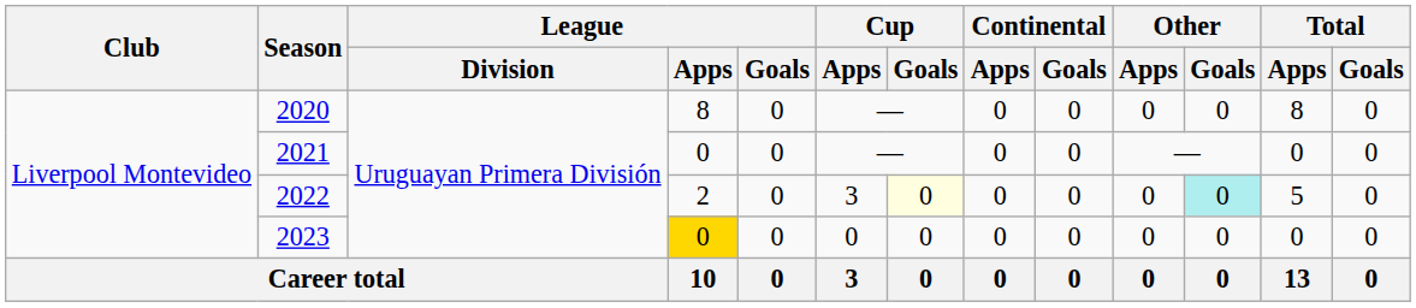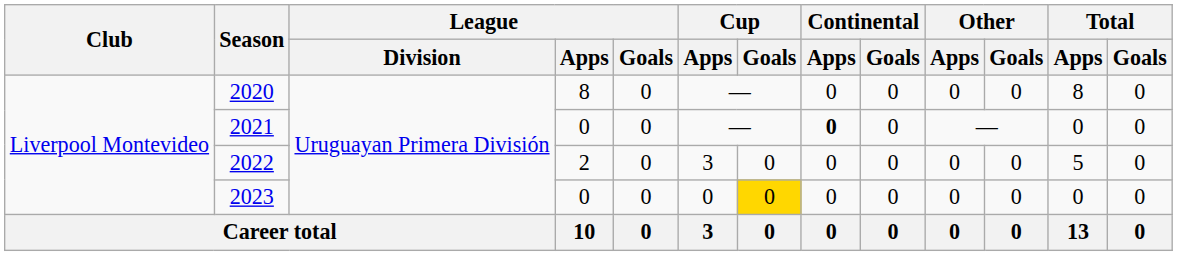 <table class="wikitable" Style="text-align: center">
 <tr>
 <th rowspan="2">Club</th>
 <th rowspan="2">Season</th>
 <th colspan="3">League</th>
 <th colspan="2">Cup</th>
 <th colspan="2">Continental</th>
 <th colspan="2">Other</th>
 <th colspan="2">Total</th>
 </tr>
 <tr>
 <th>Division</th>
 <th>Apps</th>
 <th>Goals</th>
 <th>Apps</th>
 <th>Goals</th>
 <th>Apps</th>
 <th>Goals</th>
 <th>Apps</th>
 <th>Goals</th>
 <th>Apps</th>
 <th>Goals</th>
 </tr>
 <tr>
 <td rowspan="4"><a href='#'>Liverpool Montevideo</a></td>
 <td><a href='#'>2020</a></td>
 <td rowspan="4"><a href='#'>Uruguayan Primera División</a></td>
 <td>8</td>
 <td>0</td>
 <td colspan="2">—</td>
 <td>0</td>
 <td>0</td>
 <td>0</td>
 <td>0</td>
 <td>8</td>
 <td>0</td>
 </tr>
 <tr>
 <td><a href='#'>2021</a></td>
 <td>0</td>
 <td>0</td>
 <td colspan="2">—</td>
-<td>0</td>
+<td><strong>0</strong></td>
 <td>0</td>
 <td colspan="2">—</td>
 <td>0</td>
 <td>0</td>
 </tr>
 <tr>
 <td><a href='#'>2022</a></td>
 <td>2</td>
 <td>0</td>
 <td>3</td>
-<td style="background: lightyellow;">0</td>
 <td>0</td>
 <td>0</td>
 <td>0</td>
-<td style="background: paleturquoise;">0</td>
+<td>0</td>
+<td>0</td>
 <td>5</td>
 <td>0</td>
 </tr>
 <tr>
 <td><a href='#'>2023</a></td>
-<td style="background: gold;">0</td>
 <td>0</td>
 <td>0</td>
 <td>0</td>
+<td style="background: gold;">0</td>
 <td>0</td>
 <td>0</td>
 <td>0</td>
 <td>0</td>
 <td>0</td>
 <td>0</td>
 </tr>
 <tr>
 <th colspan="3">Career total</th>
 <th>10</th>
 <th>0</th>
 <th>3</th>
 <th>0</th>
 <th>0</th>
 <th>0</th>
 <th>0</th>
 <th>0</th>
 <th>13</th>
 <th>0</th>
 </tr>
 </table>
